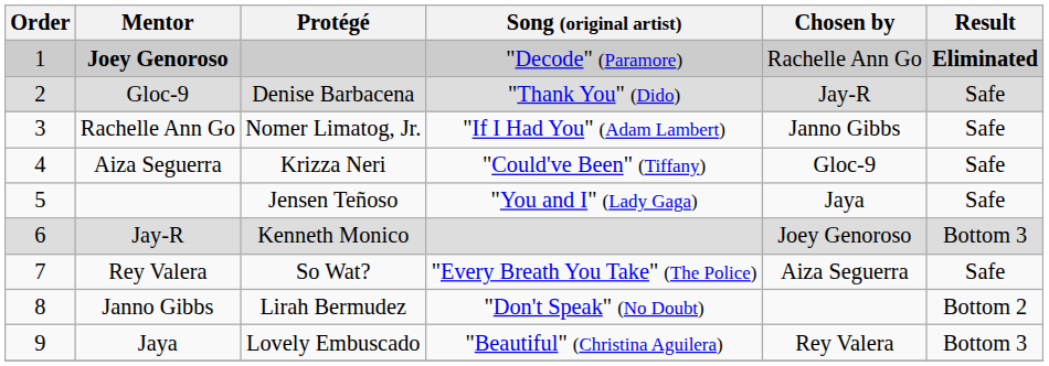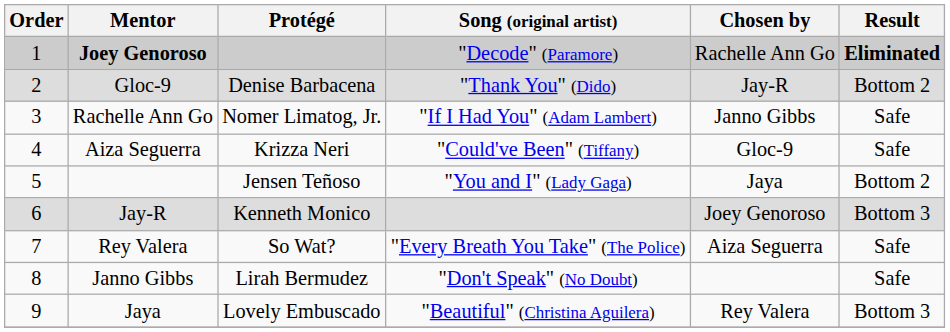 <table class="wikitable plainrowheaders" style="text-align:center;">
 <tr bgcolor="#f2f2f2">
 <th>Order</th>
 <th>Mentor</th>
 <th>Protégé</th>
 <th>Song <small>(original artist)</small></th>
 <th>Chosen by</th>
 <th>Result</th>
 </tr>
 <tr style="background:#ccc">
 <td>1</td>
 <td><strong>Joey Genoroso</strong></td>
 <td></td>
 <td>"<a href='#'>Decode</a>" <small>(<a href='#'>Paramore</a>)</small></td>
 <td>Rachelle Ann Go</td>
 <td><strong>Eliminated</strong></td>
 </tr>
 <tr style="background:#ddd">
 <td>2</td>
 <td>Gloc-9</td>
 <td>Denise Barbacena</td>
 <td>"<a href='#'>Thank You</a>" <small>(<a href='#'>Dido</a>)</small></td>
 <td>Jay-R</td>
-<td>Safe</td>
+<td>Bottom 2</td>
 </tr>
 <tr>
 <td>3</td>
 <td>Rachelle Ann Go</td>
 <td>Nomer Limatog, Jr.</td>
 <td>"<a href='#'>If I Had You</a>" <small>(<a href='#'>Adam Lambert</a>)</small></td>
 <td>Janno Gibbs</td>
 <td>Safe</td>
 </tr>
 <tr>
 <td>4</td>
 <td>Aiza Seguerra</td>
 <td>Krizza Neri</td>
 <td>"<a href='#'>Could've Been</a>" <small>(<a href='#'>Tiffany</a>)</small></td>
 <td>Gloc-9</td>
 <td>Safe</td>
 </tr>
 <tr>
 <td>5</td>
 <td></td>
 <td>Jensen Teñoso</td>
 <td>"<a href='#'>You and I</a>" <small>(<a href='#'>Lady Gaga</a>)</small></td>
 <td>Jaya</td>
-<td>Safe</td>
+<td>Bottom 2</td>
 </tr>
 <tr style="background:#ddd">
 <td>6</td>
 <td>Jay-R</td>
 <td>Kenneth Monico</td>
 <td></td>
 <td>Joey Genoroso</td>
 <td>Bottom 3</td>
 </tr>
 <tr>
 <td>7</td>
 <td>Rey Valera</td>
 <td>So Wat?</td>
 <td>"<a href='#'>Every Breath You Take</a>" <small>(<a href='#'>The Police</a>)</small></td>
 <td>Aiza Seguerra</td>
 <td>Safe</td>
 </tr>
 <tr>
 <td>8</td>
 <td>Janno Gibbs</td>
 <td>Lirah Bermudez</td>
 <td>"<a href='#'>Don't Speak</a>" <small>(<a href='#'>No Doubt</a>)</small></td>
 <td></td>
-<td>Bottom 2</td>
+<td>Safe</td>
 </tr>
 <tr>
 <td>9</td>
 <td>Jaya</td>
 <td>Lovely Embuscado</td>
 <td>"<a href='#'>Beautiful</a>" <small>(<a href='#'>Christina Aguilera</a>)</small></td>
 <td>Rey Valera</td>
 <td>Bottom 3</td>
 </tr>
 <tr>
 </tr>
 </table>
